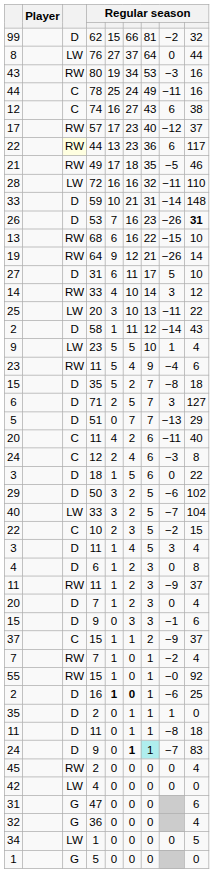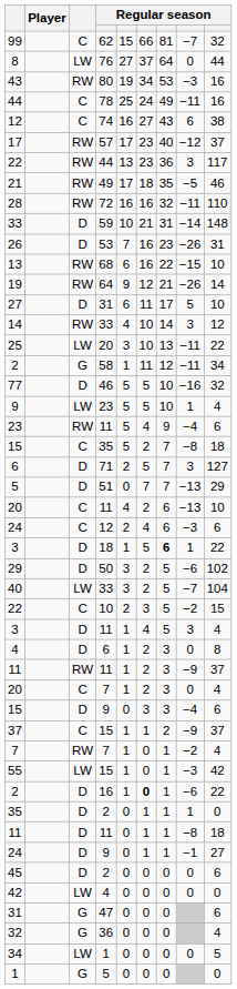 <table class="wikitable sortable plainrowheaders" style="text-align:center;">
 <tr>
 <th scope="col" data-sort-type="number" rowspan="2"></th>
 <th scope="col" rowspan="2">Player</th>
 <th scope="col" rowspan="2"></th>
 <th scope=colgroup colspan=6>Regular season</th>
 </tr>
 <tr>
 <th scope="col" data-sort-type="number"></th>
 <th scope="col" data-sort-type="number"></th>
 <th scope="col" data-sort-type="number"></th>
 <th scope="col" data-sort-type="number"></th>
 <th scope="col" data-sort-type="number"></th>
 <th scope="col" data-sort-type="number"></th>
 </tr>
 <tr>
 <td scope="row">99</td>
 <td align="left"></td>
-<td>D</td>
+<td>C</td>
 <td>62</td>
 <td>15</td>
 <td>66</td>
 <td>81</td>
-<td>−2</td>
+<td>−7</td>
 <td>32</td>
 </tr>
 <tr>
 <td scope="row">8</td>
 <td align="left"></td>
 <td>LW</td>
 <td>76</td>
 <td>27</td>
 <td>37</td>
 <td>64</td>
 <td>0</td>
 <td>44</td>
 </tr>
 <tr>
 <td scope="row">43</td>
 <td align="left"></td>
 <td>RW</td>
 <td>80</td>
 <td>19</td>
 <td>34</td>
 <td>53</td>
 <td>−3</td>
 <td>16</td>
 </tr>
 <tr>
 <td scope="row">44</td>
 <td align="left"></td>
 <td>C</td>
 <td>78</td>
 <td>25</td>
 <td>24</td>
 <td>49</td>
 <td>−11</td>
 <td>16</td>
 </tr>
 <tr>
 <td scope="row">12</td>
 <td align="left"></td>
 <td>C</td>
 <td>74</td>
 <td>16</td>
 <td>27</td>
 <td>43</td>
 <td>6</td>
 <td>38</td>
 </tr>
 <tr>
 <td scope="row">17</td>
 <td align="left"></td>
 <td>RW</td>
 <td>57</td>
 <td>17</td>
 <td>23</td>
 <td>40</td>
 <td>−12</td>
 <td>37</td>
 </tr>
 <tr>
 <td scope="row">22</td>
 <td align="left"></td>
-<td style="background: lightyellow;">RW</td>
+<td>RW</td>
 <td>44</td>
 <td>13</td>
 <td>23</td>
 <td>36</td>
-<td>6</td>
+<td>3</td>
 <td>117</td>
 </tr>
 <tr>
 <td scope="row">21</td>
 <td align="left"></td>
 <td>RW</td>
 <td>49</td>
 <td>17</td>
 <td>18</td>
 <td>35</td>
 <td>−5</td>
 <td>46</td>
 </tr>
 <tr>
 <td scope="row">28</td>
 <td align="left"></td>
-<td>LW</td>
+<td>RW</td>
 <td>72</td>
 <td>16</td>
 <td>16</td>
 <td>32</td>
 <td>−11</td>
 <td>110</td>
 </tr>
 <tr>
 <td scope="row">33</td>
 <td align="left"></td>
 <td>D</td>
 <td>59</td>
 <td>10</td>
 <td>21</td>
 <td>31</td>
 <td>−14</td>
 <td>148</td>
 </tr>
 <tr>
 <td scope="row">26</td>
 <td align="left"></td>
 <td>D</td>
 <td>53</td>
 <td>7</td>
 <td>16</td>
 <td>23</td>
 <td>−26</td>
-<td><strong>31</strong></td>
+<td>31</td>
 </tr>
 <tr>
 <td scope="row">13</td>
 <td align="left"></td>
 <td>RW</td>
 <td>68</td>
 <td>6</td>
 <td>16</td>
 <td>22</td>
 <td>−15</td>
 <td>10</td>
 </tr>
 <tr>
 <td scope="row">19</td>
 <td align="left"></td>
 <td>RW</td>
 <td>64</td>
 <td>9</td>
 <td>12</td>
 <td>21</td>
 <td>−26</td>
 <td>14</td>
 </tr>
 <tr>
 <td scope="row">27</td>
 <td align="left"></td>
 <td>D</td>
 <td>31</td>
 <td>6</td>
 <td>11</td>
 <td>17</td>
 <td>5</td>
 <td>10</td>
 </tr>
 <tr>
 <td scope="row">14</td>
 <td align="left"></td>
 <td>RW</td>
 <td>33</td>
 <td>4</td>
 <td>10</td>
 <td>14</td>
 <td>3</td>
 <td>12</td>
 </tr>
 <tr>
 <td scope="row">25</td>
 <td align="left"></td>
 <td>LW</td>
 <td>20</td>
 <td>3</td>
 <td>10</td>
 <td>13</td>
 <td>−11</td>
 <td>22</td>
 </tr>
 <tr>
 <td scope="row">2</td>
 <td align="left"></td>
-<td>D</td>
+<td>G</td>
 <td>58</td>
 <td>1</td>
 <td>11</td>
 <td>12</td>
-<td>−14</td>
-<td>43</td>
+<td>−11</td>
+<td>34</td>
+</tr>
+<tr>
+<td scope="row">77</td>
+<td align="left"></td>
+<td>D</td>
+<td>46</td>
+<td>5</td>
+<td>5</td>
+<td>10</td>
+<td>−16</td>
+<td>32</td>
 </tr>
 <tr>
 <td scope="row">9</td>
 <td align="left"></td>
 <td>LW</td>
 <td>23</td>
 <td>5</td>
 <td>5</td>
 <td>10</td>
 <td>1</td>
 <td>4</td>
 </tr>
 <tr>
 <td scope="row">23</td>
 <td align="left"></td>
 <td>RW</td>
 <td>11</td>
 <td>5</td>
 <td>4</td>
 <td>9</td>
 <td>−4</td>
 <td>6</td>
 </tr>
 <tr>
 <td scope="row">15</td>
 <td align="left"></td>
-<td>D</td>
+<td>C</td>
 <td>35</td>
 <td>5</td>
 <td>2</td>
 <td>7</td>
 <td>−8</td>
 <td>18</td>
 </tr>
 <tr>
 <td scope="row">6</td>
 <td align="left"></td>
 <td>D</td>
 <td>71</td>
 <td>2</td>
 <td>5</td>
 <td>7</td>
 <td>3</td>
 <td>127</td>
 </tr>
 <tr>
 <td scope="row">5</td>
 <td align="left"></td>
 <td>D</td>
 <td>51</td>
 <td>0</td>
 <td>7</td>
 <td>7</td>
 <td>−13</td>
 <td>29</td>
 </tr>
 <tr>
 <td scope="row">20</td>
 <td align="left"></td>
 <td>C</td>
 <td>11</td>
 <td>4</td>
 <td>2</td>
 <td>6</td>
-<td>−11</td>
-<td>40</td>
+<td>−13</td>
+<td>10</td>
 </tr>
 <tr>
 <td scope="row">24</td>
 <td align="left"></td>
 <td>C</td>
 <td>12</td>
 <td>2</td>
 <td>4</td>
 <td>6</td>
 <td>−3</td>
-<td>8</td>
+<td>6</td>
 </tr>
 <tr>
 <td scope="row">3</td>
 <td align="left"></td>
 <td>D</td>
 <td>18</td>
 <td>1</td>
 <td>5</td>
-<td>6</td>
-<td>0</td>
+<td><strong>6</strong></td>
+<td>1</td>
 <td>22</td>
 </tr>
 <tr>
 <td scope="row">29</td>
 <td align="left"></td>
 <td>D</td>
 <td>50</td>
 <td>3</td>
 <td>2</td>
 <td>5</td>
 <td>−6</td>
 <td>102</td>
 </tr>
 <tr>
 <td scope="row">40</td>
 <td align="left"></td>
 <td>LW</td>
 <td>33</td>
 <td>3</td>
 <td>2</td>
 <td>5</td>
 <td>−7</td>
 <td>104</td>
 </tr>
 <tr>
 <td scope="row">22</td>
 <td align="left"></td>
 <td>C</td>
 <td>10</td>
 <td>2</td>
 <td>3</td>
 <td>5</td>
 <td>−2</td>
 <td>15</td>
 </tr>
 <tr>
 <td scope="row">3</td>
 <td align="left"></td>
 <td>D</td>
 <td>11</td>
 <td>1</td>
 <td>4</td>
 <td>5</td>
 <td>3</td>
 <td>4</td>
 </tr>
 <tr>
 <td scope="row">4</td>
 <td align="left"></td>
 <td>D</td>
 <td>6</td>
 <td>1</td>
 <td>2</td>
 <td>3</td>
 <td>0</td>
 <td>8</td>
 </tr>
 <tr>
 <td scope="row">11</td>
 <td align="left"></td>
 <td>RW</td>
 <td>11</td>
 <td>1</td>
 <td>2</td>
 <td>3</td>
 <td>−9</td>
 <td>37</td>
 </tr>
 <tr>
 <td scope="row">20</td>
 <td align="left"></td>
-<td>D</td>
+<td>C</td>
 <td>7</td>
 <td>1</td>
 <td>2</td>
 <td>3</td>
 <td>0</td>
 <td>4</td>
 </tr>
 <tr>
 <td scope="row">15</td>
 <td align="left"></td>
 <td>D</td>
 <td>9</td>
 <td>0</td>
 <td>3</td>
 <td>3</td>
-<td>−1</td>
+<td>−4</td>
 <td>6</td>
 </tr>
 <tr>
 <td scope="row">37</td>
 <td align="left"></td>
 <td>C</td>
 <td>15</td>
 <td>1</td>
 <td>1</td>
 <td>2</td>
 <td>−9</td>
 <td>37</td>
 </tr>
 <tr>
 <td scope="row">7</td>
 <td align="left"></td>
 <td>RW</td>
 <td>7</td>
 <td>1</td>
 <td>0</td>
 <td>1</td>
 <td>−2</td>
 <td>4</td>
 </tr>
 <tr>
 <td scope="row">55</td>
 <td align="left"></td>
-<td>RW</td>
+<td>LW</td>
 <td>15</td>
 <td>1</td>
 <td>0</td>
 <td>1</td>
-<td>−0</td>
-<td>92</td>
+<td>−3</td>
+<td>42</td>
 </tr>
 <tr>
 <td scope="row">2</td>
 <td align="left"></td>
 <td>D</td>
 <td>16</td>
-<td><strong>1</strong></td>
+<td>1</td>
 <td><strong>0</strong></td>
 <td>1</td>
 <td>−6</td>
-<td>25</td>
+<td>22</td>
 </tr>
 <tr>
 <td scope="row">35</td>
 <td align="left"></td>
 <td>D</td>
 <td>2</td>
 <td>0</td>
 <td>1</td>
 <td>1</td>
 <td>1</td>
 <td>0</td>
 </tr>
 <tr>
 <td scope="row">11</td>
 <td align="left"></td>
 <td>D</td>
 <td>11</td>
 <td>0</td>
 <td>1</td>
 <td>1</td>
 <td>−8</td>
 <td>18</td>
 </tr>
 <tr>
 <td scope="row">24</td>
 <td align="left"></td>
 <td>D</td>
 <td>9</td>
 <td>0</td>
-<td><strong>1</strong></td>
-<td style="background: paleturquoise;">1</td>
-<td>−7</td>
-<td>83</td>
+<td>1</td>
+<td>1</td>
+<td>−1</td>
+<td>27</td>
 </tr>
 <tr>
 <td scope="row">45</td>
 <td align="left"></td>
-<td>RW</td>
+<td>D</td>
 <td>2</td>
 <td>0</td>
 <td>0</td>
 <td>0</td>
 <td>0</td>
-<td>4</td>
+<td>6</td>
 </tr>
 <tr>
 <td scope="row">42</td>
 <td align="left"></td>
 <td>LW</td>
 <td>4</td>
 <td>0</td>
 <td>0</td>
 <td>0</td>
 <td>0</td>
 <td>0</td>
 </tr>
 <tr>
 <td scope="row">31</td>
 <td align="left"></td>
 <td>G</td>
 <td>47</td>
 <td>0</td>
 <td>0</td>
 <td>0</td>
 <td style="background:#ccc"></td>
 <td>6</td>
 </tr>
 <tr>
 <td scope="row">32</td>
 <td align="left"></td>
 <td>G</td>
 <td>36</td>
 <td>0</td>
 <td>0</td>
 <td>0</td>
 <td style="background:#ccc"></td>
 <td>4</td>
 </tr>
 <tr>
 <td scope="row">34</td>
 <td align="left"></td>
 <td>LW</td>
 <td>1</td>
 <td>0</td>
 <td>0</td>
 <td>0</td>
 <td>0</td>
 <td>5</td>
 </tr>
 <tr>
 <td scope="row">1</td>
 <td align="left"></td>
 <td>G</td>
 <td>5</td>
 <td>0</td>
 <td>0</td>
 <td>0</td>
 <td style="background:#ccc"></td>
 <td>0</td>
 </tr>
 </table>
